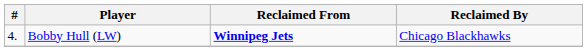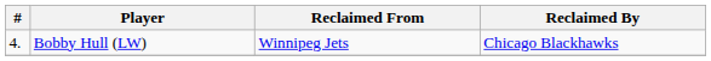 <table class="wikitable">
 <tr>
 <th bgcolor="#DDDDFF" width="2.75%">#</th>
 <th bgcolor="#DDDDFF" width="25.0%">Player</th>
 <th bgcolor="#DDDDFF" width="25.0%">Reclaimed From</th>
 <th bgcolor="#DDDDFF" width="25.0%">Reclaimed By</th>
 </tr>
 <tr>
 <td>4.</td>
 <td><a href='#'>Bobby Hull</a> (<a href='#'>LW</a>)</td>
-<td><strong><a href='#'>Winnipeg Jets</a></strong></td>
+<td><a href='#'>Winnipeg Jets</a></td>
 <td><a href='#'>Chicago Blackhawks</a></td>
 </tr>
 <tr>
 </tr>
 </table>
